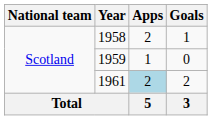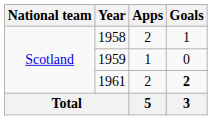 <table class=wikitable style="text-align: center">
 <tr>
 <th>National team</th>
 <th>Year</th>
 <th>Apps</th>
 <th>Goals</th>
 </tr>
 <tr>
 <td rowspan=3><a href='#'>Scotland</a></td>
 <td>1958</td>
 <td>2</td>
 <td>1</td>
 </tr>
 <tr>
 <td>1959</td>
 <td>1</td>
 <td>0</td>
 </tr>
 <tr>
 <td>1961</td>
-<td style="background: lightblue;">2</td>
 <td>2</td>
+<td><strong>2</strong></td>
 </tr>
 <tr>
 <th colspan=2>Total</th>
 <th>5</th>
 <th>3</th>
 </tr>
 </table>
